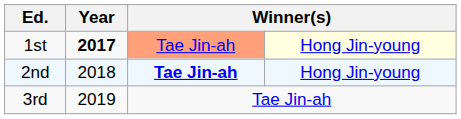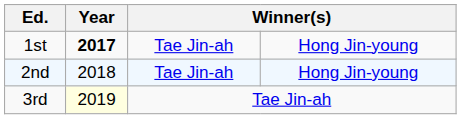 <table class="wikitable" style="text-align: center">
 <tr>
 <th width="50">Ed.</th>
 <th width="50">Year</th>
 <th colspan="3" width="300">Winner(s)</th>
 </tr>
 <tr>
 <td>1st</td>
 <td><strong>2017</strong></td>
-<td style="background: lightsalmon;"><a href='#'>Tae Jin-ah</a></td>
-<td style="background: lightyellow;"><a href='#'>Hong Jin-young</a></td>
+<td><a href='#'>Tae Jin-ah</a></td>
+<td><a href='#'>Hong Jin-young</a></td>
 </tr>
 <tr style="background:#f0f8ff;">
 <td>2nd</td>
 <td>2018</td>
-<td><strong><a href='#'>Tae Jin-ah</a></strong></td>
+<td><a href='#'>Tae Jin-ah</a></td>
 <td><a href='#'>Hong Jin-young</a></td>
 </tr>
 <tr>
 <td>3rd</td>
-<td>2019</td>
+<td style="background: lightyellow;">2019</td>
 <td colspan="2"><a href='#'>Tae Jin-ah</a></td>
 </tr>
 </table>
